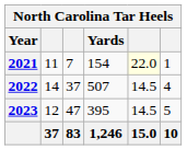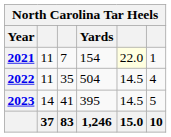 <table class="wikitable">
 <tr>
 <th colspan="16">North Carolina Tar Heels</th>
 </tr>
 <tr>
 <th>Year</th>
 <th></th>
 <th></th>
 <th>Yards</th>
 <th></th>
 <th></th>
 </tr>
 <tr>
 <th><a href='#'>2021</a></th>
 <td>11</td>
 <td>7</td>
 <td>154</td>
 <td style="background: lightyellow;">22.0</td>
 <td>1</td>
 </tr>
 <tr>
 <th><a href='#'>2022</a></th>
-<td>14</td>
-<td>37</td>
-<td>507</td>
+<td>11</td>
+<td>35</td>
+<td>504</td>
 <td>14.5</td>
 <td>4</td>
 </tr>
 <tr>
 <th><a href='#'>2023</a></th>
-<td>12</td>
-<td>47</td>
+<td>14</td>
+<td>41</td>
 <td>395</td>
 <td>14.5</td>
 <td>5</td>
 </tr>
 <tr>
 <th></th>
 <th>37</th>
 <th>83</th>
 <th>1,246</th>
 <th>15.0</th>
 <th>10</th>
 </tr>
 </table>
